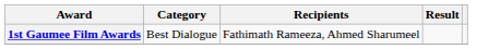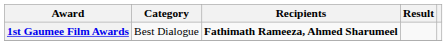 <table class="wikitable plainrowheaders sortable">
 <tr>
 <th scope="col">Award</th>
 <th scope="col">Category</th>
 <th scope="col">Recipients</th>
 <th scope="col">Result</th>
 <th scope="col" class="unsortable"></th>
 </tr>
 <tr>
 <th scope="row"><a href='#'>1st Gaumee Film Awards</a></th>
 <td>Best Dialogue</td>
-<td>Fathimath Rameeza, Ahmed Sharumeel</td>
+<td><strong>Fathimath Rameeza, Ahmed Sharumeel</strong></td>
 <td></td>
 <td style="text-align:center;"></td>
 </tr>
 <tr>
 </tr>
 </table>
